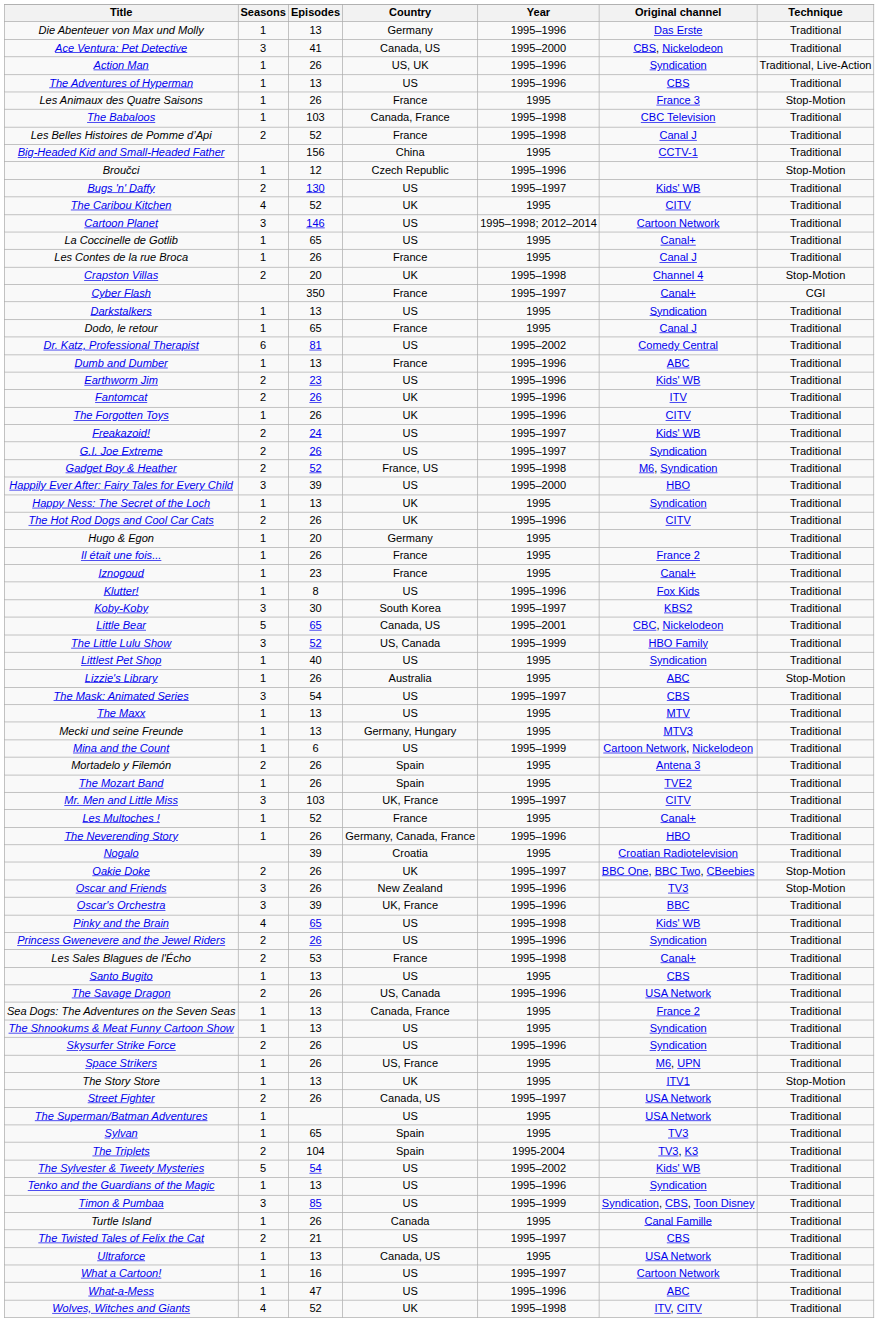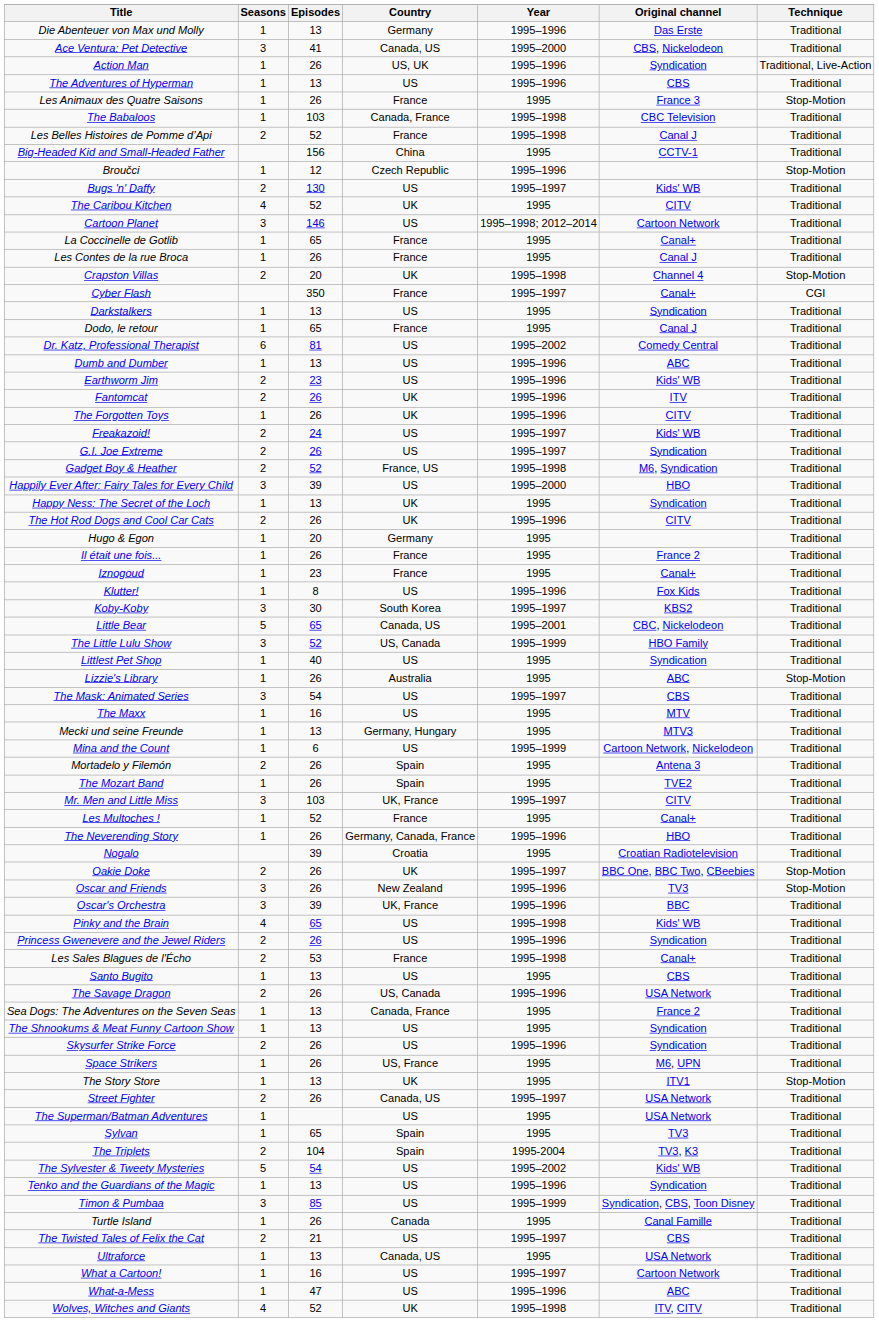 <table class="wikitable sortable" style="text-align:center;">
 <tr>
 </tr>
 <tr>
 <th scope="col">Title</th>
 <th scope="col">Seasons</th>
 <th scope="col">Episodes</th>
 <th scope="col">Country</th>
 <th scope="col">Year</th>
 <th scope="col">Original channel</th>
 <th scope="col">Technique</th>
 </tr>
 <tr>
 <td data-sort-value="Abenteuer von Max und Molly"><em>Die Abenteuer von Max und Molly</em></td>
 <td>1</td>
 <td>13</td>
 <td>Germany</td>
 <td>1995–1996</td>
 <td><a href='#'>Das Erste</a></td>
 <td>Traditional</td>
 </tr>
 <tr>
 <td><em><a href='#'>Ace Ventura: Pet Detective</a></em></td>
 <td>3</td>
 <td>41</td>
 <td>Canada, US</td>
 <td>1995–2000</td>
 <td><a href='#'>CBS</a>, <a href='#'>Nickelodeon</a></td>
 <td>Traditional</td>
 </tr>
 <tr>
 <td><em><a href='#'>Action Man</a></em></td>
 <td>1</td>
 <td>26</td>
 <td>US, UK</td>
 <td>1995–1996</td>
 <td><a href='#'>Syndication</a></td>
 <td>Traditional, Live-Action</td>
 </tr>
 <tr>
 <td data-sort-value="Adventures of Hyperman"><em><a href='#'>The Adventures of Hyperman</a></em></td>
 <td>1</td>
 <td>13</td>
 <td>US</td>
 <td>1995–1996</td>
 <td><a href='#'>CBS</a></td>
 <td>Traditional</td>
 </tr>
 <tr>
 <td data-sort-value="Animaux des Quatre Saisons"><em>Les Animaux des Quatre Saisons</em></td>
 <td>1</td>
 <td>26</td>
 <td>France</td>
 <td>1995</td>
 <td><a href='#'>France 3</a></td>
 <td>Stop-Motion</td>
 </tr>
 <tr>
 <td data-sort-value="Babaloos"><em><a href='#'>The Babaloos</a></em></td>
 <td>1</td>
 <td>103</td>
 <td>Canada, France</td>
 <td>1995–1998</td>
 <td><a href='#'>CBC Television</a></td>
 <td>Traditional</td>
 </tr>
 <tr>
 <td data-sort-value="Belles Histoires de Pomme d’Api"><em>Les Belles Histoires de Pomme d’Api</em></td>
 <td>2</td>
 <td>52</td>
 <td>France</td>
 <td>1995–1998</td>
 <td><a href='#'>Canal J</a></td>
 <td>Traditional</td>
 </tr>
 <tr>
 <td><em><a href='#'>Big-Headed Kid and Small-Headed Father</a></em></td>
 <td></td>
 <td>156</td>
 <td>China</td>
 <td>1995</td>
 <td><a href='#'>CCTV-1</a></td>
 <td>Traditional</td>
 </tr>
 <tr>
 <td><em>Broučci</em></td>
 <td>1</td>
 <td>12</td>
 <td>Czech Republic</td>
 <td>1995–1996</td>
 <td></td>
 <td>Stop-Motion</td>
 </tr>
 <tr>
 <td><em><a href='#'>Bugs 'n' Daffy</a></em></td>
 <td>2</td>
 <td><a href='#'>130</a></td>
 <td>US</td>
 <td>1995–1997</td>
 <td><a href='#'>Kids' WB</a></td>
 <td>Traditional</td>
 </tr>
 <tr>
 <td data-sort-value="Caribou Kitchen"><em><a href='#'>The Caribou Kitchen</a></em></td>
 <td>4</td>
 <td>52</td>
 <td>UK</td>
 <td>1995</td>
 <td><a href='#'>CITV</a></td>
 <td>Traditional</td>
 </tr>
 <tr>
 <td><em><a href='#'>Cartoon Planet</a></em></td>
 <td>3</td>
 <td><a href='#'>146</a></td>
 <td>US</td>
 <td>1995–1998; 2012–2014</td>
 <td><a href='#'>Cartoon Network</a></td>
 <td>Traditional</td>
 </tr>
 <tr>
 <td data-sort-value="Coccinelle de Gotlib"><em>La Coccinelle de Gotlib</em></td>
 <td>1</td>
 <td>65</td>
-<td>US</td>
+<td>France</td>
 <td>1995</td>
 <td><a href='#'>Canal+</a></td>
 <td>Traditional</td>
 </tr>
 <tr>
 <td data-sort-value="Contes de la rue Broca"><em>Les Contes de la rue Broca</em></td>
 <td>1</td>
 <td>26</td>
 <td>France</td>
 <td>1995</td>
 <td><a href='#'>Canal J</a></td>
 <td>Traditional</td>
 </tr>
 <tr>
 <td><em><a href='#'>Crapston Villas</a></em></td>
 <td>2</td>
 <td>20</td>
 <td>UK</td>
 <td>1995–1998</td>
 <td><a href='#'>Channel 4</a></td>
 <td>Stop-Motion</td>
 </tr>
 <tr>
 <td><em><a href='#'>Cyber Flash</a></em></td>
 <td></td>
 <td>350</td>
 <td>France</td>
 <td>1995–1997</td>
 <td><a href='#'>Canal+</a></td>
 <td>CGI</td>
 </tr>
 <tr>
 <td><em><a href='#'>Darkstalkers</a></em></td>
 <td>1</td>
 <td>13</td>
 <td>US</td>
 <td>1995</td>
 <td><a href='#'>Syndication</a></td>
 <td>Traditional</td>
 </tr>
 <tr>
 <td><em>Dodo, le retour</em></td>
 <td>1</td>
 <td>65</td>
 <td>France</td>
 <td>1995</td>
 <td><a href='#'>Canal J</a></td>
 <td>Traditional</td>
 </tr>
 <tr>
 <td><em><a href='#'>Dr. Katz, Professional Therapist</a></em></td>
 <td>6</td>
 <td><a href='#'>81</a></td>
 <td>US</td>
 <td>1995–2002</td>
 <td><a href='#'>Comedy Central</a></td>
 <td>Traditional</td>
 </tr>
 <tr>
 <td><em><a href='#'>Dumb and Dumber</a></em></td>
 <td>1</td>
 <td>13</td>
-<td>France</td>
+<td>US</td>
 <td>1995–1996</td>
 <td><a href='#'>ABC</a></td>
 <td>Traditional</td>
 </tr>
 <tr>
 <td><em><a href='#'>Earthworm Jim</a></em></td>
 <td>2</td>
 <td><a href='#'>23</a></td>
 <td>US</td>
 <td>1995–1996</td>
 <td><a href='#'>Kids' WB</a></td>
 <td>Traditional</td>
 </tr>
 <tr>
 <td><em><a href='#'>Fantomcat</a></em></td>
 <td>2</td>
 <td><a href='#'>26</a></td>
 <td>UK</td>
 <td>1995–1996</td>
 <td><a href='#'>ITV</a></td>
 <td>Traditional</td>
 </tr>
 <tr>
 <td data-sort-value="Forgotten Toys"><em><a href='#'>The Forgotten Toys</a></em></td>
 <td>1</td>
 <td>26</td>
 <td>UK</td>
 <td>1995–1996</td>
 <td><a href='#'>CITV</a></td>
 <td>Traditional</td>
 </tr>
 <tr>
 <td><em><a href='#'>Freakazoid!</a></em></td>
 <td>2</td>
 <td><a href='#'>24</a></td>
 <td>US</td>
 <td>1995–1997</td>
 <td><a href='#'>Kids' WB</a></td>
 <td>Traditional</td>
 </tr>
 <tr>
 <td><em><a href='#'>G.I. Joe Extreme</a></em></td>
 <td>2</td>
 <td><a href='#'>26</a></td>
 <td>US</td>
 <td>1995–1997</td>
 <td><a href='#'>Syndication</a></td>
 <td>Traditional</td>
 </tr>
 <tr>
 <td><em><a href='#'>Gadget Boy & Heather</a></em></td>
 <td>2</td>
 <td><a href='#'>52</a></td>
 <td>France, US</td>
 <td>1995–1998</td>
 <td><a href='#'>M6</a>, <a href='#'>Syndication</a></td>
 <td>Traditional</td>
 </tr>
 <tr>
 <td><em><a href='#'>Happily Ever After: Fairy Tales for Every Child</a></em></td>
 <td>3</td>
 <td>39</td>
 <td>US</td>
 <td>1995–2000</td>
 <td><a href='#'>HBO</a></td>
 <td>Traditional</td>
 </tr>
 <tr>
 <td><em><a href='#'>Happy Ness: The Secret of the Loch</a></em></td>
 <td>1</td>
 <td>13</td>
 <td>UK</td>
 <td>1995</td>
 <td><a href='#'>Syndication</a></td>
 <td>Traditional</td>
 </tr>
 <tr>
 <td data-sort-value="Hot Rod Dogs and Cool Car Cats"><em><a href='#'>The Hot Rod Dogs and Cool Car Cats</a></em></td>
 <td>2</td>
 <td>26</td>
 <td>UK</td>
 <td>1995–1996</td>
 <td><a href='#'>CITV</a></td>
 <td>Traditional</td>
 </tr>
 <tr>
 <td><em>Hugo & Egon</em></td>
 <td>1</td>
 <td>20</td>
 <td>Germany</td>
 <td>1995</td>
 <td></td>
 <td>Traditional</td>
 </tr>
 <tr>
 <td><em><a href='#'>Il était une fois...</a></em></td>
 <td>1</td>
 <td>26</td>
 <td>France</td>
 <td>1995</td>
 <td><a href='#'>France 2</a></td>
 <td>Traditional</td>
 </tr>
 <tr>
 <td><em><a href='#'>Iznogoud</a></em></td>
 <td>1</td>
 <td>23</td>
 <td>France</td>
 <td>1995</td>
 <td><a href='#'>Canal+</a></td>
 <td>Traditional</td>
 </tr>
 <tr>
 <td><em><a href='#'>Klutter!</a></em></td>
 <td>1</td>
 <td>8</td>
 <td>US</td>
 <td>1995–1996</td>
 <td><a href='#'>Fox Kids</a></td>
 <td>Traditional</td>
 </tr>
 <tr>
 <td><em><a href='#'>Koby-Koby</a></em></td>
 <td>3</td>
 <td>30</td>
 <td>South Korea</td>
 <td>1995–1997</td>
 <td><a href='#'>KBS2</a></td>
 <td>Traditional</td>
 </tr>
 <tr>
 <td><em><a href='#'>Little Bear</a></em></td>
 <td>5</td>
 <td><a href='#'>65</a></td>
 <td>Canada, US</td>
 <td>1995–2001</td>
 <td><a href='#'>CBC</a>, <a href='#'>Nickelodeon</a></td>
 <td>Traditional</td>
 </tr>
 <tr>
 <td data-sort-value="Little Lulu Show"><em><a href='#'>The Little Lulu Show</a></em></td>
 <td>3</td>
 <td><a href='#'>52</a></td>
 <td>US, Canada</td>
 <td>1995–1999</td>
 <td><a href='#'>HBO Family</a></td>
 <td>Traditional</td>
 </tr>
 <tr>
 <td><em><a href='#'>Littlest Pet Shop</a></em></td>
 <td>1</td>
 <td>40</td>
 <td>US</td>
 <td>1995</td>
 <td><a href='#'>Syndication</a></td>
 <td>Traditional</td>
 </tr>
 <tr>
 <td><em><a href='#'>Lizzie's Library</a></em></td>
 <td>1</td>
 <td>26</td>
 <td>Australia</td>
 <td>1995</td>
 <td><a href='#'>ABC</a></td>
 <td>Stop-Motion</td>
 </tr>
 <tr>
 <td data-sort-value="Mask: Animated Series"><em><a href='#'>The Mask: Animated Series</a></em></td>
 <td>3</td>
 <td>54</td>
 <td>US</td>
 <td>1995–1997</td>
 <td><a href='#'>CBS</a></td>
 <td>Traditional</td>
 </tr>
 <tr>
 <td data-sort-value="Maxx"><em><a href='#'>The Maxx</a></em></td>
 <td>1</td>
-<td>13</td>
+<td>16</td>
 <td>US</td>
 <td>1995</td>
 <td><a href='#'>MTV</a></td>
 <td>Traditional</td>
 </tr>
 <tr>
 <td><em>Mecki und seine Freunde</em></td>
 <td>1</td>
 <td>13</td>
 <td>Germany, Hungary</td>
 <td>1995</td>
 <td><a href='#'>MTV3</a></td>
 <td>Traditional</td>
 </tr>
 <tr>
 <td><em><a href='#'>Mina and the Count</a></em></td>
 <td>1</td>
 <td>6</td>
 <td>US</td>
 <td>1995–1999</td>
 <td><a href='#'>Cartoon Network</a>, <a href='#'>Nickelodeon</a></td>
 <td>Traditional</td>
 </tr>
 <tr>
 <td><em>Mortadelo y Filemón</em></td>
 <td>2</td>
 <td>26</td>
 <td>Spain</td>
 <td>1995</td>
 <td><a href='#'>Antena 3</a></td>
 <td>Traditional</td>
 </tr>
 <tr>
 <td data-sort-value="Mozart Band"><em><a href='#'>The Mozart Band</a></em></td>
 <td>1</td>
 <td>26</td>
 <td>Spain</td>
 <td>1995</td>
 <td><a href='#'>TVE2</a></td>
 <td>Traditional</td>
 </tr>
 <tr>
 <td><em><a href='#'>Mr. Men and Little Miss</a></em></td>
 <td>3</td>
 <td>103</td>
 <td>UK, France</td>
 <td>1995–1997</td>
 <td><a href='#'>CITV</a></td>
 <td>Traditional</td>
 </tr>
 <tr>
 <td data-sort-value="Multoches !"><em><a href='#'>Les Multoches !</a></em></td>
 <td>1</td>
 <td>52</td>
 <td>France</td>
 <td>1995</td>
 <td><a href='#'>Canal+</a></td>
 <td>Traditional</td>
 </tr>
 <tr>
 <td data-sort-value="Neverending Story"><em><a href='#'>The Neverending Story</a></em></td>
 <td>1</td>
 <td>26</td>
 <td>Germany, Canada, France</td>
 <td>1995–1996</td>
 <td><a href='#'>HBO</a></td>
 <td>Traditional</td>
 </tr>
 <tr>
 <td><em><a href='#'>Nogalo</a></em></td>
 <td></td>
 <td>39</td>
 <td>Croatia</td>
 <td>1995</td>
 <td><a href='#'>Croatian Radiotelevision</a></td>
 <td>Traditional</td>
 </tr>
 <tr>
 <td><em><a href='#'>Oakie Doke</a></em></td>
 <td>2</td>
 <td>26</td>
 <td>UK</td>
 <td>1995–1997</td>
 <td><a href='#'>BBC One</a>, <a href='#'>BBC Two</a>, <a href='#'>CBeebies</a></td>
 <td>Stop-Motion</td>
 </tr>
 <tr>
 <td><em><a href='#'>Oscar and Friends</a></em></td>
 <td>3</td>
 <td>26</td>
 <td>New Zealand</td>
 <td>1995–1996</td>
 <td><a href='#'>TV3</a></td>
 <td>Stop-Motion</td>
 </tr>
 <tr>
 <td><em><a href='#'>Oscar's Orchestra</a></em></td>
 <td>3</td>
 <td>39</td>
 <td>UK, France</td>
 <td>1995–1996</td>
 <td><a href='#'>BBC</a></td>
 <td>Traditional</td>
 </tr>
 <tr>
 <td><em><a href='#'>Pinky and the Brain</a></em></td>
 <td>4</td>
 <td><a href='#'>65</a></td>
 <td>US</td>
 <td>1995–1998</td>
 <td><a href='#'>Kids' WB</a></td>
 <td>Traditional</td>
 </tr>
 <tr>
 <td><em><a href='#'>Princess Gwenevere and the Jewel Riders</a></em></td>
 <td>2</td>
 <td><a href='#'>26</a></td>
 <td>US</td>
 <td>1995–1996</td>
 <td><a href='#'>Syndication</a></td>
 <td>Traditional</td>
 </tr>
 <tr>
 <td data-sort-value="Sales Blagues de l'Écho"><em>Les Sales Blagues de l'Écho</em></td>
 <td>2</td>
 <td>53</td>
 <td>France</td>
 <td>1995–1998</td>
 <td><a href='#'>Canal+</a></td>
 <td>Traditional</td>
 </tr>
 <tr>
 <td><em><a href='#'>Santo Bugito</a></em></td>
 <td>1</td>
 <td>13</td>
 <td>US</td>
 <td>1995</td>
 <td><a href='#'>CBS</a></td>
 <td>Traditional</td>
 </tr>
 <tr>
 <td data-sort-value="Savage Dragon"><em><a href='#'>The Savage Dragon</a></em></td>
 <td>2</td>
 <td>26</td>
 <td>US, Canada</td>
 <td>1995–1996</td>
 <td><a href='#'>USA Network</a></td>
 <td>Traditional</td>
 </tr>
 <tr>
 <td><em>Sea Dogs: The Adventures on the Seven Seas</em></td>
 <td>1</td>
 <td>13</td>
 <td>Canada, France</td>
 <td>1995</td>
 <td><a href='#'>France 2</a></td>
 <td>Traditional</td>
 </tr>
 <tr>
 <td data-sort-value="Shnookums & Meat Funny Cartoon Show"><em><a href='#'>The Shnookums & Meat Funny Cartoon Show</a></em></td>
 <td>1</td>
 <td>13</td>
 <td>US</td>
 <td>1995</td>
 <td><a href='#'>Syndication</a></td>
 <td>Traditional</td>
 </tr>
 <tr>
 <td><em><a href='#'>Skysurfer Strike Force</a></em></td>
 <td>2</td>
 <td>26</td>
 <td>US</td>
 <td>1995–1996</td>
 <td><a href='#'>Syndication</a></td>
 <td>Traditional</td>
 </tr>
 <tr>
 <td><em><a href='#'>Space Strikers</a></em></td>
 <td>1</td>
 <td>26</td>
 <td>US, France</td>
 <td>1995</td>
 <td><a href='#'>M6</a>, <a href='#'>UPN</a></td>
 <td>Traditional</td>
 </tr>
 <tr>
 <td data-sort-value="Story Store"><em>The Story Store</em></td>
 <td>1</td>
 <td>13</td>
 <td>UK</td>
 <td>1995</td>
 <td><a href='#'>ITV1</a></td>
 <td>Stop-Motion</td>
 </tr>
 <tr>
 <td><em><a href='#'>Street Fighter</a></em></td>
 <td>2</td>
 <td>26</td>
 <td>Canada, US</td>
 <td>1995–1997</td>
 <td><a href='#'>USA Network</a></td>
 <td>Traditional</td>
 </tr>
 <tr>
 <td data-sort-value="Superman/Batman Adventures"><em><a href='#'>The Superman/Batman Adventures</a></em></td>
 <td>1</td>
 <td></td>
 <td>US</td>
 <td>1995</td>
 <td><a href='#'>USA Network</a></td>
 <td>Traditional</td>
 </tr>
 <tr>
 <td><em><a href='#'>Sylvan</a></em></td>
 <td>1</td>
 <td>65</td>
 <td>Spain</td>
 <td>1995</td>
 <td><a href='#'>TV3</a></td>
 <td>Traditional</td>
 </tr>
 <tr>
 <td data-sort-value="Triplets"><em><a href='#'>The Triplets</a></em></td>
 <td>2</td>
 <td>104</td>
 <td>Spain</td>
 <td>1995-2004</td>
 <td><a href='#'>TV3</a>, <a href='#'>K3</a></td>
 <td>Traditional</td>
 </tr>
 <tr>
 <td data-sort-value="Sylvester & Tweety Mysteries"><em><a href='#'>The Sylvester & Tweety Mysteries</a></em></td>
 <td>5</td>
 <td><a href='#'>54</a></td>
 <td>US</td>
 <td>1995–2002</td>
 <td><a href='#'>Kids' WB</a></td>
 <td>Traditional</td>
 </tr>
 <tr>
 <td><em><a href='#'>Tenko and the Guardians of the Magic</a></em></td>
 <td>1</td>
 <td>13</td>
 <td>US</td>
 <td>1995–1996</td>
 <td><a href='#'>Syndication</a></td>
 <td>Traditional</td>
 </tr>
 <tr>
 <td><em><a href='#'>Timon & Pumbaa</a></em></td>
 <td>3</td>
 <td><a href='#'>85</a></td>
 <td>US</td>
 <td>1995–1999</td>
 <td><a href='#'>Syndication</a>, <a href='#'>CBS</a>, <a href='#'>Toon Disney</a></td>
 <td>Traditional</td>
 </tr>
 <tr>
 <td><em>Turtle Island</em></td>
 <td>1</td>
 <td>26</td>
 <td>Canada</td>
 <td>1995</td>
 <td><a href='#'>Canal Famille</a></td>
 <td>Traditional</td>
 </tr>
 <tr>
 <td data-sort-value="Twisted Tales of Felix the Cat"><em><a href='#'>The Twisted Tales of Felix the Cat</a></em></td>
 <td>2</td>
 <td>21</td>
 <td>US</td>
 <td>1995–1997</td>
 <td><a href='#'>CBS</a></td>
 <td>Traditional</td>
 </tr>
 <tr>
 <td><em><a href='#'>Ultraforce</a></em></td>
 <td>1</td>
 <td>13</td>
 <td>Canada, US</td>
 <td>1995</td>
 <td><a href='#'>USA Network</a></td>
 <td>Traditional</td>
 </tr>
 <tr>
 <td><em><a href='#'>What a Cartoon!</a></em></td>
 <td>1</td>
 <td>16</td>
 <td>US</td>
 <td>1995–1997</td>
 <td><a href='#'>Cartoon Network</a></td>
 <td>Traditional</td>
 </tr>
 <tr>
 <td><em><a href='#'>What-a-Mess</a></em></td>
 <td>1</td>
 <td>47</td>
 <td>US</td>
 <td>1995–1996</td>
 <td><a href='#'>ABC</a></td>
 <td>Traditional</td>
 </tr>
 <tr>
 <td><em><a href='#'>Wolves, Witches and Giants</a></em></td>
 <td>4</td>
 <td>52</td>
 <td>UK</td>
 <td>1995–1998</td>
 <td><a href='#'>ITV</a>, <a href='#'>CITV</a></td>
 <td>Traditional</td>
 </tr>
 </table>
